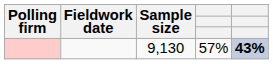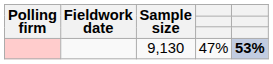 <table class="wikitable sortable" style="text-align:center;font-size:95%;line-height:14px;">
 <tr>
 <th rowspan="3">Polling<br>firm</th>
 <th rowspan="3">Fieldwork<br>date</th>
 <th rowspan="3">Sample<br>size</th>
 <th></th>
 <th></th>
 </tr>
 <tr>
 <th></th>
 <th></th>
 </tr>
 <tr>
 <th style="background:"></th>
 <th style="background:"></th>
 </tr>
 <tr>
 <td style="background:#FFCCCC;"></td>
 <td></td>
 <td>9,130</td>
-<td>57%</td>
-<td style="background:#C1CCE1;"><strong>43%</strong></td>
+<td>47%</td>
+<td style="background:#C1CCE1;"><strong>53%</strong></td>
 </tr>
 </table>
